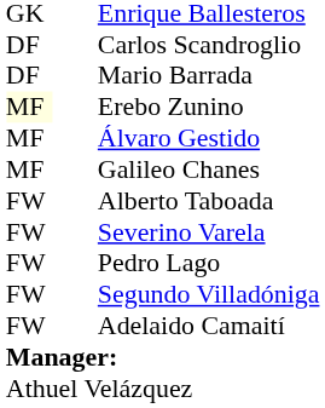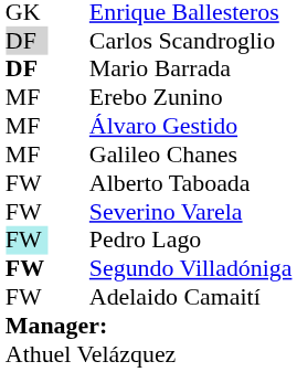 <table style="font-size:90%; margin:0.2em auto;" cellspacing="0" cellpadding="0">
 <tr>
 <th width="25"></th>
 <th width="25"></th>
 </tr>
 <tr>
 <td>GK</td>
 <td></td>
 <td> <a href='#'>Enrique Ballesteros</a></td>
 </tr>
 <tr>
-<td>DF</td>
+<td style="background: lightgrey;">DF</td>
 <td></td>
 <td> Carlos Scandroglio</td>
 </tr>
 <tr>
-<td>DF</td>
+<td><strong>DF</strong></td>
 <td></td>
 <td> Mario Barrada</td>
 </tr>
 <tr>
-<td style="background: lightyellow;">MF</td>
+<td>MF</td>
 <td></td>
 <td> Erebo Zunino</td>
 </tr>
 <tr>
 <td>MF</td>
 <td></td>
 <td> <a href='#'>Álvaro Gestido</a></td>
 </tr>
 <tr>
 <td>MF</td>
 <td></td>
 <td> Galileo Chanes</td>
 </tr>
 <tr>
 <td>FW</td>
 <td></td>
 <td> Alberto Taboada</td>
 </tr>
 <tr>
 <td>FW</td>
 <td></td>
 <td> <a href='#'>Severino Varela</a></td>
 </tr>
 <tr>
-<td>FW</td>
+<td style="background: paleturquoise;">FW</td>
 <td></td>
 <td> Pedro Lago</td>
 </tr>
 <tr>
-<td>FW</td>
+<td><strong>FW</strong></td>
 <td></td>
 <td> <a href='#'>Segundo Villadóniga</a></td>
 </tr>
 <tr>
 <td>FW</td>
 <td></td>
 <td> Adelaido Camaití</td>
 </tr>
 <tr>
 <td colspan=3><strong>Manager:</strong></td>
 </tr>
 <tr>
 <td colspan=4> Athuel Velázquez</td>
 </tr>
 </table>
